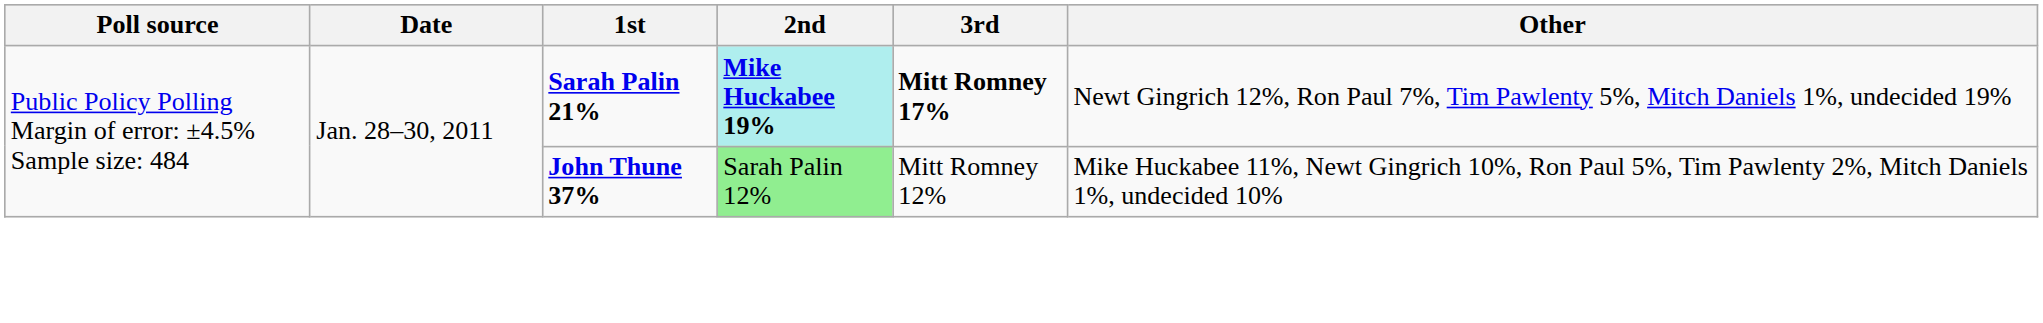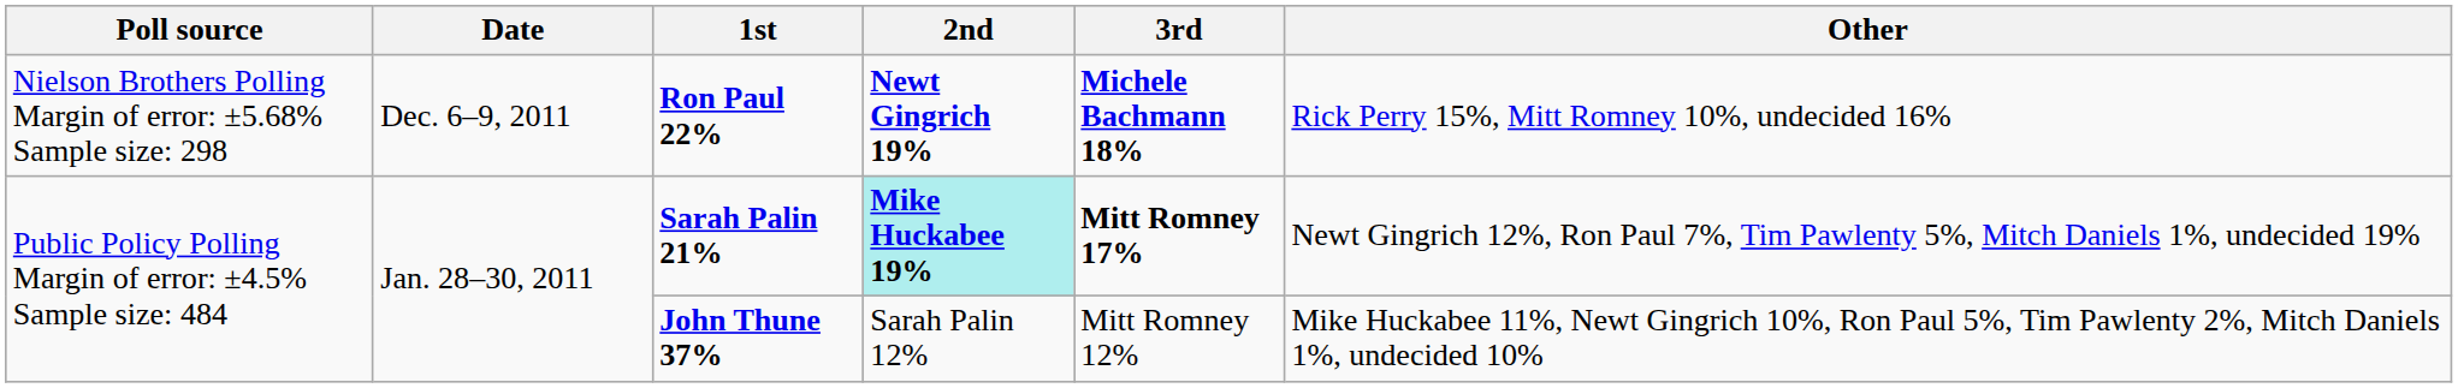 <table class="wikitable">
 <tr>
 <th style="width:180px;">Poll source</th>
 <th style="width:135px;">Date</th>
 <th style="width:100px;">1st</th>
 <th style="width:100px;">2nd</th>
 <th style="width:100px;">3rd</th>
 <th>Other</th>
+</tr>
+<tr>
+<td><a href='#'>Nielson Brothers Polling</a><br>Margin of error: ±5.68% <br>Sample size: 298</td>
+<td>Dec. 6–9, 2011</td>
+<td><strong><a href='#'>Ron Paul</a><br> 22%</strong></td>
+<td><strong><a href='#'>Newt Gingrich</a><br> 19%</strong></td>
+<td><strong><a href='#'>Michele Bachmann</a><br> 18%</strong></td>
+<td><a href='#'>Rick Perry</a> 15%, <a href='#'>Mitt Romney</a> 10%, undecided 16%</td>
 </tr>
 <tr>
 <td rowspan=2><a href='#'>Public Policy Polling</a><br>Margin of error: ±4.5% <br>Sample size: 484</td>
 <td rowspan=2>Jan. 28–30, 2011</td>
 <td><strong><a href='#'>Sarah Palin</a><br> 21%</strong></td>
 <td style="background: paleturquoise;"><strong><a href='#'>Mike Huckabee</a><br> 19%</strong></td>
 <td><strong>Mitt Romney<br> 17%</strong></td>
 <td>Newt Gingrich 12%, Ron Paul 7%, <a href='#'>Tim Pawlenty</a> 5%, <a href='#'>Mitch Daniels</a> 1%, undecided 19%</td>
 </tr>
 <tr>
 <td><strong><a href='#'>John Thune</a><br> 37%</strong></td>
-<td style="background: lightgreen;">Sarah Palin<br> 12%</td>
+<td>Sarah Palin<br> 12%</td>
 <td>Mitt Romney<br> 12%</td>
 <td>Mike Huckabee 11%, Newt Gingrich 10%, Ron Paul 5%, Tim Pawlenty 2%, Mitch Daniels 1%, undecided 10%</td>
 </tr>
 </table>
